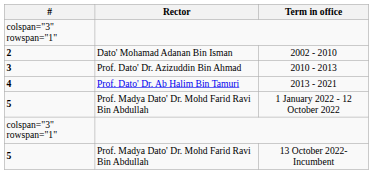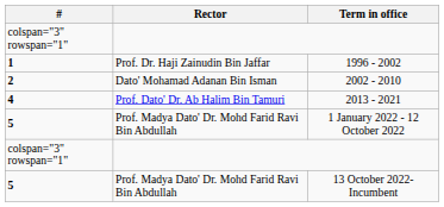 <table class="wikitable">
 <tr>
 <th><strong>#</strong></th>
 <th><strong>Rector</strong></th>
 <th><strong>Term in office</strong></th>
 </tr>
 <tr>
 <td>colspan="3" rowspan="1" </td>
 </tr>
 <tr>
+<td><strong>1</strong></td>
+<td>Prof. Dr. Haji Zainudin Bin Jaffar</td>
+<td align=center>1996 - 2002</td>
+</tr>
+<tr>
 <td><strong>2</strong></td>
 <td>Dato' Mohamad Adanan Bin Isman</td>
 <td align=center>2002 - 2010</td>
-</tr>
-<tr>
-<td><strong>3</strong></td>
-<td>Prof. Dato' Dr. Azizuddin Bin Ahmad</td>
-<td align=center>2010 - 2013</td>
 </tr>
 <tr>
 <td><strong>4</strong></td>
 <td><a href='#'>Prof. Dato' Dr. Ab Halim Bin Tamuri</a></td>
 <td align=center>2013 - 2021</td>
 </tr>
 <tr>
 <td><strong>5</strong></td>
 <td>Prof. Madya Dato' Dr. Mohd Farid Ravi Bin Abdullah</td>
 <td align=center>1 January 2022 - 12 October 2022</td>
 </tr>
 <tr>
 <td>colspan="3" rowspan="1" </td>
 </tr>
 <tr>
 <td><strong>5</strong></td>
 <td>Prof. Madya Dato' Dr. Mohd Farid Ravi Bin Abdullah</td>
 <td align=center>13 October 2022-Incumbent</td>
 </tr>
 </table>
